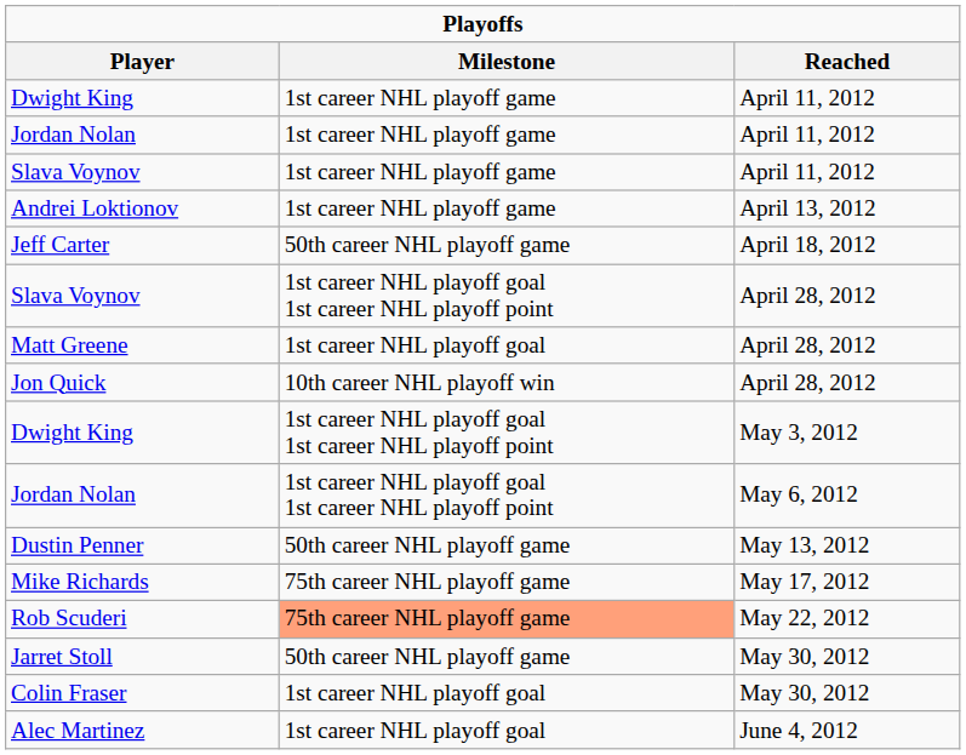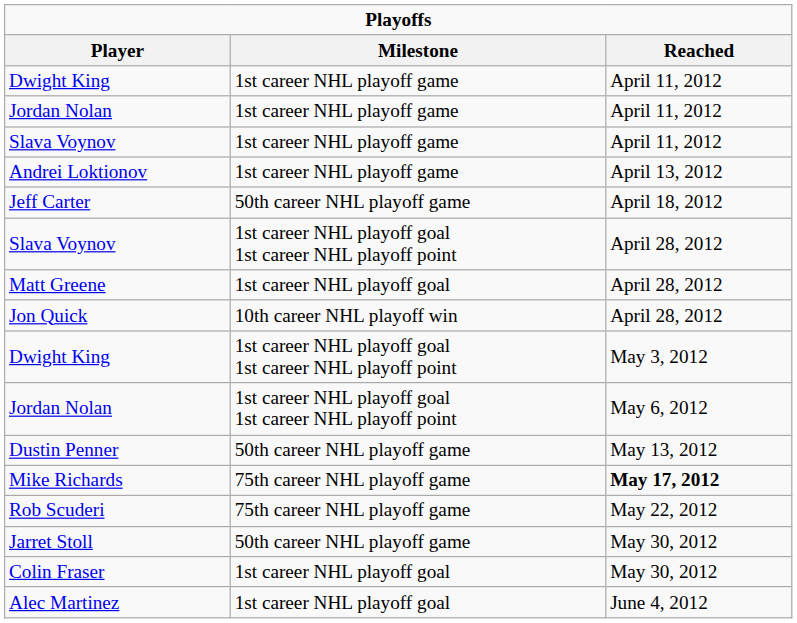 <table class="wikitable" style="width:52%;">
 <tr>
 <td colspan="10" style="text-align:center;"><strong>Playoffs</strong></td>
 </tr>
 <tr>
 <th>Player</th>
 <th>Milestone</th>
 <th>Reached</th>
 </tr>
 <tr>
 <td><a href='#'>Dwight King</a></td>
 <td>1st career NHL playoff game</td>
 <td>April 11, 2012</td>
 </tr>
 <tr>
 <td><a href='#'>Jordan Nolan</a></td>
 <td>1st career NHL playoff game</td>
 <td>April 11, 2012</td>
 </tr>
 <tr>
 <td><a href='#'>Slava Voynov</a></td>
 <td>1st career NHL playoff game</td>
 <td>April 11, 2012</td>
 </tr>
 <tr>
 <td><a href='#'>Andrei Loktionov</a></td>
 <td>1st career NHL playoff game</td>
 <td>April 13, 2012</td>
 </tr>
 <tr>
 <td><a href='#'>Jeff Carter</a></td>
 <td>50th career NHL playoff game</td>
 <td>April 18, 2012</td>
 </tr>
 <tr>
 <td><a href='#'>Slava Voynov</a></td>
 <td>1st career NHL playoff goal<br>1st career NHL playoff point</td>
 <td>April 28, 2012</td>
 </tr>
 <tr>
 <td><a href='#'>Matt Greene</a></td>
 <td>1st career NHL playoff goal</td>
 <td>April 28, 2012</td>
 </tr>
 <tr>
 <td><a href='#'>Jon Quick</a></td>
 <td>10th career NHL playoff win</td>
 <td>April 28, 2012</td>
 </tr>
 <tr>
 <td><a href='#'>Dwight King</a></td>
 <td>1st career NHL playoff goal<br>1st career NHL playoff point</td>
 <td>May 3, 2012</td>
 </tr>
 <tr>
 <td><a href='#'>Jordan Nolan</a></td>
 <td>1st career NHL playoff goal<br>1st career NHL playoff point</td>
 <td>May 6, 2012</td>
 </tr>
 <tr>
 <td><a href='#'>Dustin Penner</a></td>
 <td>50th career NHL playoff game</td>
 <td>May 13, 2012</td>
 </tr>
 <tr>
 <td><a href='#'>Mike Richards</a></td>
 <td>75th career NHL playoff game</td>
-<td>May 17, 2012</td>
+<td><strong>May 17, 2012</strong></td>
 </tr>
 <tr>
 <td><a href='#'>Rob Scuderi</a></td>
-<td style="background: lightsalmon;">75th career NHL playoff game</td>
+<td>75th career NHL playoff game</td>
 <td>May 22, 2012</td>
 </tr>
 <tr>
 <td><a href='#'>Jarret Stoll</a></td>
 <td>50th career NHL playoff game</td>
 <td>May 30, 2012</td>
 </tr>
 <tr>
 <td><a href='#'>Colin Fraser</a></td>
 <td>1st career NHL playoff goal</td>
 <td>May 30, 2012</td>
 </tr>
 <tr>
 <td><a href='#'>Alec Martinez</a></td>
 <td>1st career NHL playoff goal</td>
 <td>June 4, 2012</td>
 </tr>
 </table>
